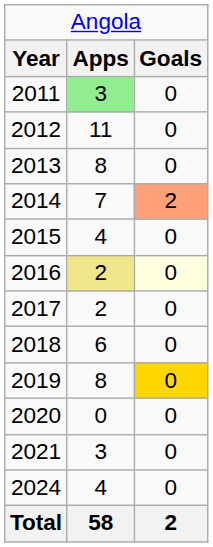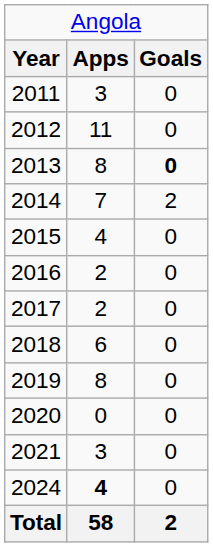 <table class="wikitable" style="text-align:center">
 <tr>
 <td colspan=3><a href='#'>Angola</a></td>
 </tr>
 <tr>
 <th>Year</th>
 <th>Apps</th>
 <th>Goals</th>
 </tr>
 <tr>
 <td>2011</td>
-<td style="background: lightgreen;">3</td>
+<td>3</td>
 <td>0</td>
 </tr>
 <tr>
 <td>2012</td>
 <td>11</td>
 <td>0</td>
 </tr>
 <tr>
 <td>2013</td>
 <td>8</td>
-<td>0</td>
+<td><strong>0</strong></td>
 </tr>
 <tr>
 <td>2014</td>
 <td>7</td>
-<td style="background: lightsalmon;">2</td>
+<td>2</td>
 </tr>
 <tr>
 <td>2015</td>
 <td>4</td>
 <td>0</td>
 </tr>
 <tr>
 <td>2016</td>
-<td style="background: khaki;">2</td>
-<td style="background: lightyellow;">0</td>
+<td>2</td>
+<td>0</td>
 </tr>
 <tr>
 <td>2017</td>
 <td>2</td>
 <td>0</td>
 </tr>
 <tr>
 <td>2018</td>
 <td>6</td>
 <td>0</td>
 </tr>
 <tr>
 <td>2019</td>
 <td>8</td>
-<td style="background: gold;">0</td>
+<td>0</td>
 </tr>
 <tr>
 <td>2020</td>
 <td>0</td>
 <td>0</td>
 </tr>
 <tr>
 <td>2021</td>
 <td>3</td>
 <td>0</td>
 </tr>
 <tr>
 <td>2024</td>
-<td>4</td>
+<td><strong>4</strong></td>
 <td>0</td>
 </tr>
 <tr>
 <th>Total</th>
 <th>58</th>
 <th>2</th>
 </tr>
 </table>
